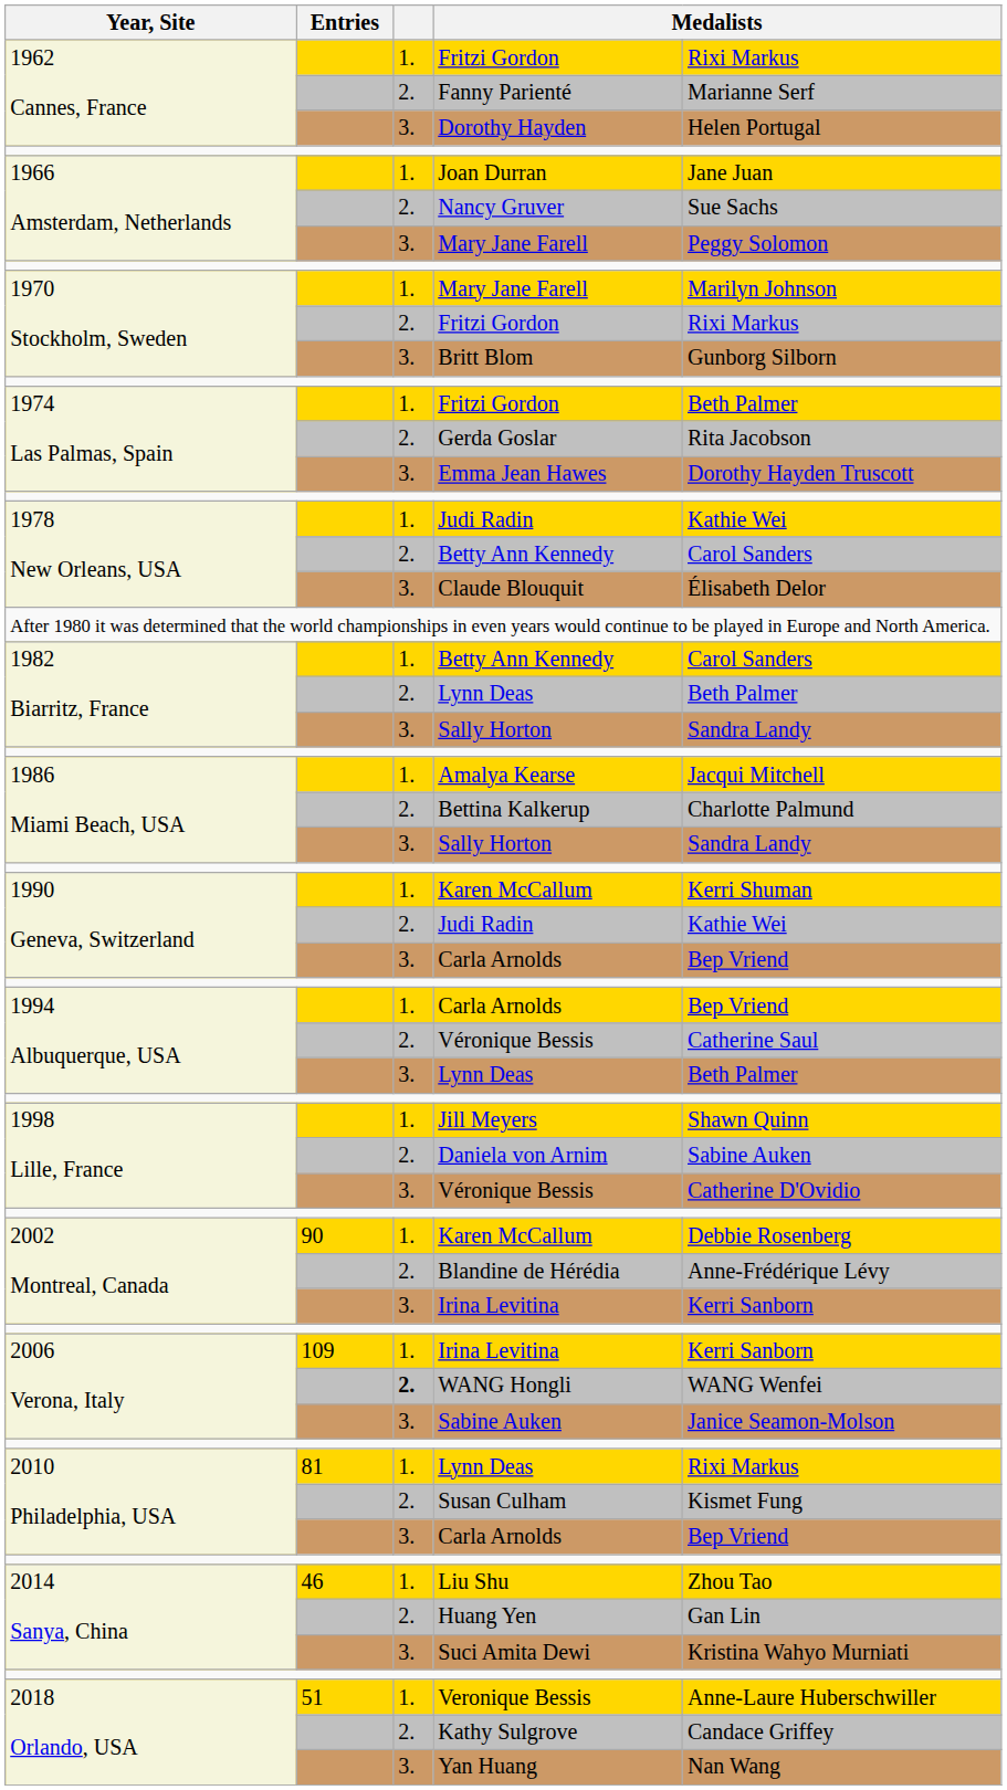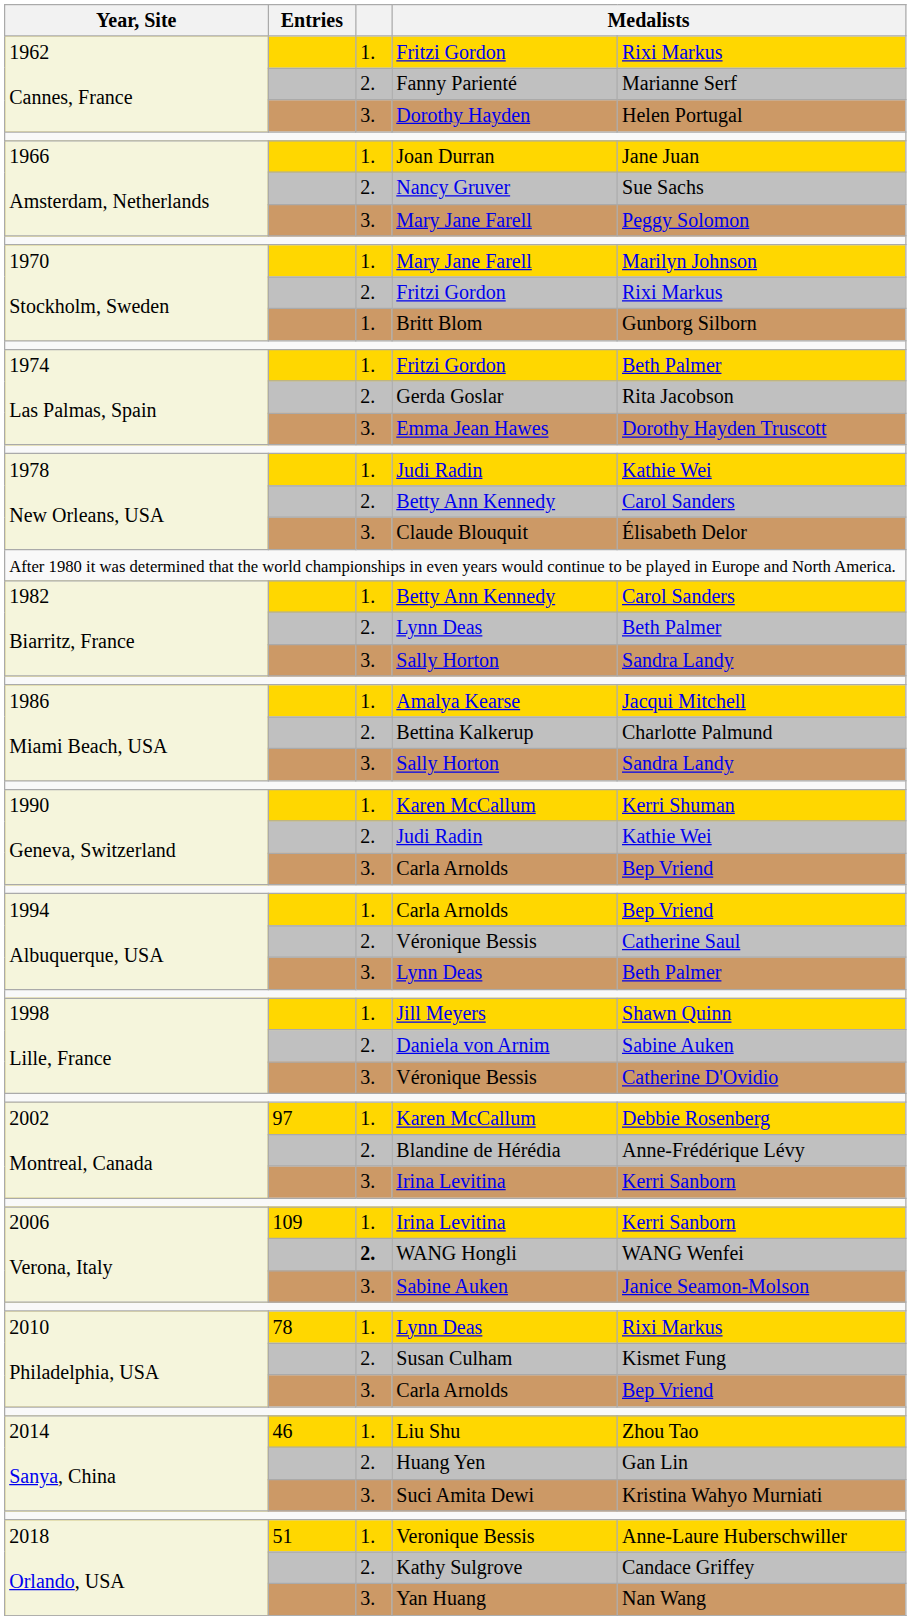 <table class="wikitable">
 <tr>
 <th>Year, Site</th>
 <th>Entries</th>
 <th></th>
 <th colspan=2>Medalists</th>
 </tr>
 <tr bgcolor="gold">
 <td rowspan=3 bgcolor="beige" valign="Top">1962 <br><br>Cannes, France <br></td>
 <td></td>
 <td>1. </td>
 <td> <a href='#'>Fritzi Gordon</a></td>
 <td> <a href='#'>Rixi Markus</a></td>
 </tr>
 <tr bgcolor="silver">
 <td></td>
 <td>2.</td>
 <td> Fanny Parienté</td>
 <td> Marianne Serf</td>
 </tr>
 <tr bgcolor="cc9966">
 <td></td>
 <td>3.</td>
 <td> <a href='#'>Dorothy Hayden</a></td>
 <td> Helen Portugal</td>
 </tr>
 <tr>
 <td colspan=5></td>
 </tr>
 <tr bgcolor="gold">
 <td rowspan=3 bgcolor="beige" valign="Top">1966 <br><br>Amsterdam, Netherlands  <br></td>
 <td></td>
 <td>1.</td>
 <td> Joan Durran</td>
 <td> Jane Juan</td>
 </tr>
 <tr bgcolor="silver">
 <td></td>
 <td>2.</td>
 <td> <a href='#'>Nancy Gruver</a></td>
 <td> Sue Sachs</td>
 </tr>
 <tr bgcolor="cc9966">
 <td></td>
 <td>3.</td>
 <td> <a href='#'>Mary Jane Farell</a></td>
 <td> <a href='#'>Peggy Solomon</a></td>
 </tr>
 <tr>
 <td colspan=5></td>
 </tr>
 <tr bgcolor="gold">
 <td rowspan=3 bgcolor="beige" valign="Top">1970 <br><br>Stockholm, Sweden <br></td>
 <td></td>
 <td>1.</td>
 <td> <a href='#'>Mary Jane Farell</a></td>
 <td> <a href='#'>Marilyn Johnson</a></td>
 </tr>
 <tr bgcolor="silver">
 <td></td>
 <td>2.</td>
 <td> <a href='#'>Fritzi Gordon</a></td>
 <td> <a href='#'>Rixi Markus</a></td>
 </tr>
 <tr bgcolor="cc9966">
 <td></td>
-<td>3.</td>
+<td>1.</td>
 <td> Britt Blom</td>
 <td> Gunborg Silborn</td>
 </tr>
 <tr>
 <td colspan=5></td>
 </tr>
 <tr bgcolor="gold">
 <td rowspan=3 bgcolor="beige" valign="Top">1974 <br><br>Las Palmas, Spain <br></td>
 <td></td>
 <td>1.</td>
 <td> <a href='#'>Fritzi Gordon</a></td>
 <td> <a href='#'>Beth Palmer</a></td>
 </tr>
 <tr bgcolor="silver">
 <td></td>
 <td>2.</td>
 <td> Gerda Goslar</td>
 <td> Rita Jacobson</td>
 </tr>
 <tr bgcolor="cc9966">
 <td></td>
 <td>3.</td>
 <td> <a href='#'>Emma Jean Hawes</a></td>
 <td> <a href='#'>Dorothy Hayden Truscott</a>  </td>
 </tr>
 <tr>
 <td colspan=5></td>
 </tr>
 <tr bgcolor="gold">
 <td rowspan=3 bgcolor="beige" valign="Top">1978 <br><br>New Orleans, USA <br></td>
 <td></td>
 <td>1.</td>
 <td> <a href='#'>Judi Radin</a></td>
 <td> <a href='#'>Kathie Wei</a></td>
 </tr>
 <tr bgcolor="silver">
 <td></td>
 <td>2.</td>
 <td> <a href='#'>Betty Ann Kennedy</a></td>
 <td> <a href='#'>Carol Sanders</a></td>
 </tr>
 <tr bgcolor="cc9966">
 <td></td>
 <td>3.</td>
 <td> Claude Blouquit</td>
 <td> Élisabeth Delor</td>
 </tr>
 <tr>
 <td colspan=5><small>After 1980 it was determined that the world championships in even years would continue to be played in Europe and North America.</small> </td>
 </tr>
 <tr bgcolor="gold">
 <td rowspan=3 bgcolor="beige" valign="Top">1982 <br><br>Biarritz, France <br></td>
 <td></td>
 <td>1.</td>
 <td> <a href='#'>Betty Ann Kennedy</a></td>
 <td> <a href='#'>Carol Sanders</a></td>
 </tr>
 <tr bgcolor="silver">
 <td></td>
 <td>2.</td>
 <td> <a href='#'>Lynn Deas</a></td>
 <td> <a href='#'>Beth Palmer</a></td>
 </tr>
 <tr bgcolor="cc9966">
 <td></td>
 <td>3.</td>
 <td> <a href='#'>Sally Horton</a></td>
 <td> <a href='#'>Sandra Landy</a></td>
 </tr>
 <tr>
 <td colspan=5></td>
 </tr>
 <tr bgcolor="gold">
 <td rowspan=3 bgcolor="beige" valign="Top">1986 <br><br>Miami Beach, USA <br></td>
 <td></td>
 <td>1.</td>
 <td> <a href='#'>Amalya Kearse</a></td>
 <td> <a href='#'>Jacqui Mitchell</a></td>
 </tr>
 <tr bgcolor="silver">
 <td></td>
 <td>2.</td>
 <td> Bettina Kalkerup</td>
 <td> Charlotte Palmund</td>
 </tr>
 <tr bgcolor="cc9966">
 <td></td>
 <td>3.</td>
 <td> <a href='#'>Sally Horton</a></td>
 <td> <a href='#'>Sandra Landy</a></td>
 </tr>
 <tr>
 <td colspan=5></td>
 </tr>
 <tr bgcolor="gold">
 <td rowspan=3 bgcolor="beige" valign="Top">1990 <br><br>Geneva, Switzerland <br></td>
 <td></td>
 <td>1.</td>
 <td> <a href='#'>Karen McCallum</a></td>
 <td> <a href='#'>Kerri Shuman</a></td>
 </tr>
 <tr bgcolor="silver">
 <td></td>
 <td>2.</td>
 <td> <a href='#'>Judi Radin</a></td>
 <td> <a href='#'>Kathie Wei</a></td>
 </tr>
 <tr bgcolor="cc9966">
 <td></td>
 <td>3.</td>
 <td> Carla Arnolds</td>
 <td> <a href='#'>Bep Vriend</a></td>
 </tr>
 <tr>
 <td colspan=5></td>
 </tr>
 <tr bgcolor="gold">
 <td rowspan=3 bgcolor="beige" valign="Top">1994 <br><br>Albuquerque, USA <br></td>
 <td></td>
 <td>1.</td>
 <td> Carla Arnolds</td>
 <td> <a href='#'>Bep Vriend</a></td>
 </tr>
 <tr bgcolor="silver">
 <td></td>
 <td>2.</td>
 <td> Véronique Bessis</td>
 <td> <a href='#'>Catherine Saul</a></td>
 </tr>
 <tr bgcolor="cc9966">
 <td></td>
 <td>3.</td>
 <td> <a href='#'>Lynn Deas</a></td>
 <td> <a href='#'>Beth Palmer</a></td>
 </tr>
 <tr>
 <td colspan=5></td>
 </tr>
 <tr bgcolor="gold">
 <td rowspan=3 bgcolor="beige" valign="Top">1998 <br><br>Lille, France <br></td>
 <td></td>
 <td>1.</td>
 <td> <a href='#'>Jill Meyers</a></td>
 <td> <a href='#'>Shawn Quinn</a></td>
 </tr>
 <tr bgcolor="silver">
 <td></td>
 <td>2.</td>
 <td> <a href='#'>Daniela von Arnim</a></td>
 <td> <a href='#'>Sabine Auken</a></td>
 </tr>
 <tr bgcolor="cc9966">
 <td></td>
 <td>3.</td>
 <td> Véronique Bessis</td>
 <td> <a href='#'>Catherine D'Ovidio</a></td>
 </tr>
 <tr>
 <td colspan=5></td>
 </tr>
 <tr bgcolor="gold">
 <td rowspan=3 bgcolor="beige" valign="Top">2002 <br><br>Montreal, Canada <br></td>
-<td>90</td>
+<td>97</td>
 <td>1.</td>
 <td> <a href='#'>Karen McCallum</a></td>
 <td> <a href='#'>Debbie Rosenberg</a></td>
 </tr>
 <tr bgcolor="silver">
 <td></td>
 <td>2.</td>
 <td> Blandine de Hérédia  </td>
 <td> Anne-Frédérique Lévy</td>
 </tr>
 <tr bgcolor="cc9966">
 <td></td>
 <td>3.</td>
 <td> <a href='#'>Irina Levitina</a></td>
 <td> <a href='#'>Kerri Sanborn</a></td>
 </tr>
 <tr>
 <td colspan=5></td>
 </tr>
 <tr bgcolor="gold">
 <td rowspan=3 bgcolor="beige" valign="Top">2006 <br><br>Verona, Italy <br></td>
 <td>109</td>
 <td>1.</td>
 <td> <a href='#'>Irina Levitina</a></td>
 <td> <a href='#'>Kerri Sanborn</a></td>
 </tr>
 <tr bgcolor="silver">
 <td></td>
 <td><strong>2.</strong></td>
 <td> WANG Hongli</td>
 <td> WANG Wenfei</td>
 </tr>
 <tr bgcolor="cc9966">
 <td></td>
 <td>3.</td>
 <td> <a href='#'>Sabine Auken</a></td>
 <td> <a href='#'>Janice Seamon-Molson</a></td>
 </tr>
 <tr>
 <td colspan=5></td>
 </tr>
 <tr bgcolor="gold">
 <td rowspan=3 bgcolor="beige" valign="Top">2010 <br><br>Philadelphia, USA <br></td>
-<td>81</td>
+<td>78</td>
 <td>1.</td>
 <td> <a href='#'>Lynn Deas</a></td>
 <td> <a href='#'>Rixi Markus</a></td>
 </tr>
 <tr bgcolor="silver">
 <td></td>
 <td>2.</td>
 <td> Susan Culham</td>
 <td> Kismet Fung</td>
 </tr>
 <tr bgcolor="cc9966">
 <td></td>
 <td>3.</td>
 <td> Carla Arnolds</td>
 <td> <a href='#'>Bep Vriend</a></td>
 </tr>
 <tr>
 <td colspan=5></td>
 </tr>
 <tr bgcolor="gold">
 <td rowspan=3 bgcolor="beige" valign="Top">2014  <br><br><a href='#'>Sanya</a>, China <br></td>
 <td>46</td>
 <td>1.</td>
 <td> Liu Shu</td>
 <td> Zhou Tao</td>
 </tr>
 <tr bgcolor="silver">
 <td></td>
 <td>2.</td>
 <td> Huang Yen</td>
 <td> Gan Lin</td>
 </tr>
 <tr bgcolor="cc9966">
 <td></td>
 <td>3.</td>
 <td> Suci Amita Dewi</td>
 <td> Kristina Wahyo Murniati</td>
 </tr>
 <tr>
 <td colspan=5></td>
 </tr>
 <tr bgcolor="gold">
 <td rowspan=3 bgcolor="beige" valign="Top">2018 <br><br><a href='#'>Orlando</a>, USA <br></td>
 <td>51</td>
 <td>1.</td>
 <td> Veronique Bessis</td>
 <td> Anne-Laure Huberschwiller</td>
 </tr>
 <tr bgcolor="silver">
 <td></td>
 <td>2.</td>
 <td> Kathy Sulgrove</td>
 <td> Candace Griffey</td>
 </tr>
 <tr bgcolor="cc9966">
 <td></td>
 <td>3.</td>
 <td> Yan Huang</td>
 <td> Nan Wang</td>
 </tr>
 <tr>
 </tr>
 </table>
